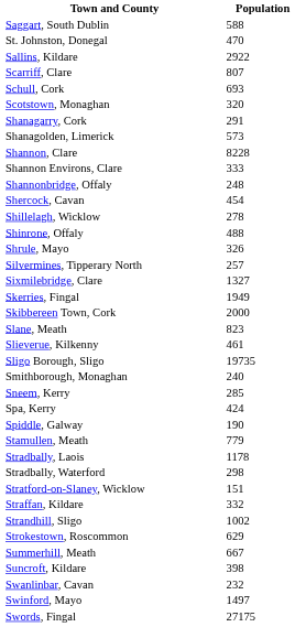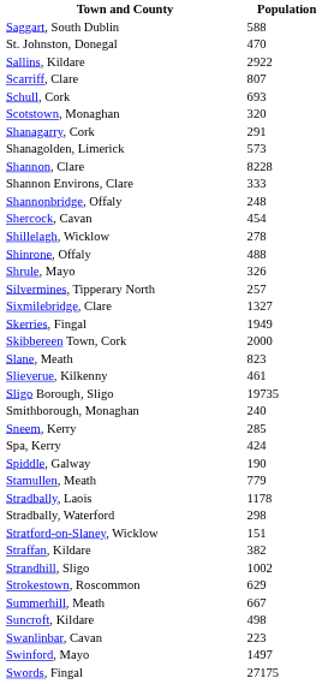 <table>
 <tr>
 <th style="width:300px;align:left;">Town and County</th>
 <th style="width:100px;align:right;">Population</th>
 </tr>
 <tr>
 <td><a href='#'>Saggart</a>, South Dublin</td>
 <td>588</td>
 </tr>
 <tr>
 <td>St. Johnston, Donegal</td>
 <td>470</td>
 </tr>
 <tr>
 <td><a href='#'>Sallins</a>, Kildare</td>
 <td>2922</td>
 </tr>
 <tr>
 <td><a href='#'>Scarriff</a>, Clare</td>
 <td>807</td>
 </tr>
 <tr>
 <td><a href='#'>Schull</a>, Cork</td>
 <td>693</td>
 </tr>
 <tr>
 <td><a href='#'>Scotstown</a>, Monaghan</td>
 <td>320</td>
 </tr>
 <tr>
 <td><a href='#'>Shanagarry</a>, Cork</td>
 <td>291</td>
 </tr>
 <tr>
 <td>Shanagolden, Limerick</td>
 <td>573</td>
 </tr>
 <tr>
 <td><a href='#'>Shannon</a>, Clare</td>
 <td>8228</td>
 </tr>
 <tr>
 <td>Shannon Environs, Clare</td>
 <td>333</td>
 </tr>
 <tr>
 <td><a href='#'>Shannonbridge</a>, Offaly</td>
 <td>248</td>
 </tr>
 <tr>
 <td><a href='#'>Shercock</a>, Cavan</td>
 <td>454</td>
 </tr>
 <tr>
 <td><a href='#'>Shillelagh</a>, Wicklow</td>
 <td>278</td>
 </tr>
 <tr>
 <td><a href='#'>Shinrone</a>, Offaly</td>
 <td>488</td>
 </tr>
 <tr>
 <td><a href='#'>Shrule</a>, Mayo</td>
 <td>326</td>
 </tr>
 <tr>
 <td><a href='#'>Silvermines</a>, Tipperary North</td>
 <td>257</td>
 </tr>
 <tr>
 <td><a href='#'>Sixmilebridge</a>, Clare</td>
 <td>1327</td>
 </tr>
 <tr>
 <td><a href='#'>Skerries</a>, Fingal</td>
 <td>1949</td>
 </tr>
 <tr>
 <td><a href='#'>Skibbereen</a> Town, Cork</td>
 <td>2000</td>
 </tr>
 <tr>
 <td><a href='#'>Slane</a>, Meath</td>
 <td>823</td>
 </tr>
 <tr>
 <td><a href='#'>Slieverue</a>, Kilkenny</td>
 <td>461</td>
 </tr>
 <tr>
 <td><a href='#'>Sligo</a> Borough, Sligo</td>
 <td>19735</td>
 </tr>
 <tr>
 <td>Smithborough, Monaghan</td>
 <td>240</td>
 </tr>
 <tr>
 <td><a href='#'>Sneem</a>, Kerry</td>
 <td>285</td>
 </tr>
 <tr>
 <td>Spa, Kerry</td>
 <td>424</td>
 </tr>
 <tr>
 <td><a href='#'>Spiddle</a>, Galway</td>
 <td>190</td>
 </tr>
 <tr>
 <td><a href='#'>Stamullen</a>, Meath</td>
 <td>779</td>
 </tr>
 <tr>
 <td><a href='#'>Stradbally</a>, Laois</td>
 <td>1178</td>
 </tr>
 <tr>
 <td>Stradbally, Waterford</td>
 <td>298</td>
 </tr>
 <tr>
 <td><a href='#'>Stratford-on-Slaney</a>, Wicklow</td>
 <td>151</td>
 </tr>
 <tr>
 <td><a href='#'>Straffan</a>, Kildare</td>
-<td>332</td>
+<td>382</td>
 </tr>
 <tr>
 <td><a href='#'>Strandhill</a>, Sligo</td>
 <td>1002</td>
 </tr>
 <tr>
 <td><a href='#'>Strokestown</a>, Roscommon</td>
 <td>629</td>
 </tr>
 <tr>
 <td><a href='#'>Summerhill</a>, Meath</td>
 <td>667</td>
 </tr>
 <tr>
 <td><a href='#'>Suncroft</a>, Kildare</td>
-<td>398</td>
+<td>498</td>
 </tr>
 <tr>
 <td><a href='#'>Swanlinbar</a>, Cavan</td>
-<td>232</td>
+<td>223</td>
 </tr>
 <tr>
 <td><a href='#'>Swinford</a>, Mayo</td>
 <td>1497</td>
 </tr>
 <tr>
 <td><a href='#'>Swords</a>, Fingal</td>
 <td>27175</td>
 </tr>
 </table>
